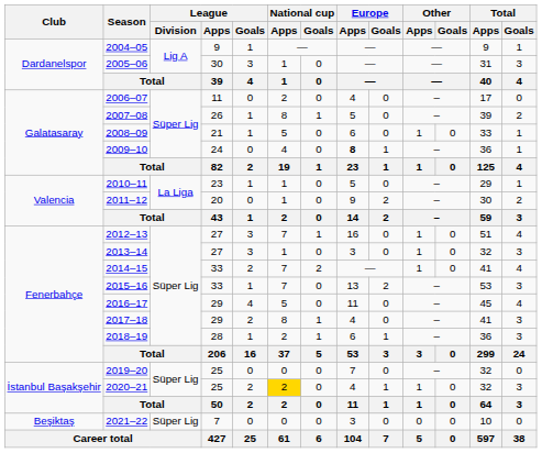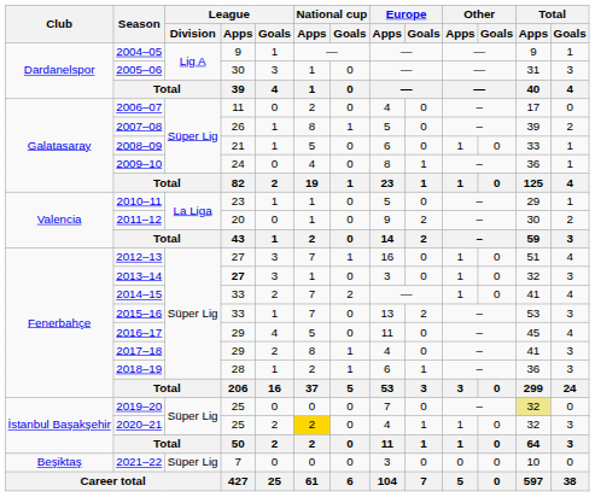 <table class="wikitable" style="text-align: center;">
 <tr>
 <th rowspan="2">Club</th>
 <th rowspan="2">Season</th>
 <th colspan="3">League</th>
 <th colspan="2">National cup</th>
 <th colspan="2"><a href='#'>Europe</a></th>
 <th colspan="2">Other</th>
 <th colspan="3">Total</th>
 </tr>
 <tr>
 <th>Division</th>
 <th>Apps</th>
 <th>Goals</th>
 <th>Apps</th>
 <th>Goals</th>
 <th>Apps</th>
 <th>Goals</th>
 <th>Apps</th>
 <th>Goals</th>
 <th>Apps</th>
 <th>Goals</th>
 </tr>
 <tr>
 <td rowspan="3"><a href='#'>Dardanelspor</a></td>
 <td><a href='#'>2004–05</a></td>
 <td rowspan="2"><a href='#'>Lig A</a></td>
 <td>9</td>
 <td>1</td>
 <td colspan="2">—</td>
 <td colspan="2">—</td>
 <td colspan="2">—</td>
 <td>9</td>
 <td>1</td>
 </tr>
 <tr>
 <td><a href='#'>2005–06</a></td>
 <td>30</td>
 <td>3</td>
 <td>1</td>
 <td>0</td>
 <td colspan="2">—</td>
 <td colspan="2">—</td>
 <td>31</td>
 <td>3</td>
 </tr>
 <tr>
 <th colspan="2">Total</th>
 <th>39</th>
 <th>4</th>
 <th>1</th>
 <th>0</th>
 <th colspan="2">—</th>
 <th colspan="2">—</th>
 <th>40</th>
 <th>4</th>
 </tr>
 <tr>
 <td rowspan="5"><a href='#'>Galatasaray</a></td>
 <td><a href='#'>2006–07</a></td>
 <td rowspan="4"><a href='#'>Süper Lig</a></td>
 <td>11</td>
 <td>0</td>
 <td>2</td>
 <td>0</td>
 <td>4</td>
 <td>0</td>
 <td colspan="2">–</td>
 <td>17</td>
 <td>0</td>
 </tr>
 <tr>
 <td><a href='#'>2007–08</a></td>
 <td>26</td>
 <td>1</td>
 <td>8</td>
 <td>1</td>
 <td>5</td>
 <td>0</td>
 <td colspan="2">–</td>
 <td>39</td>
 <td>2</td>
 </tr>
 <tr>
 <td><a href='#'>2008–09</a></td>
 <td>21</td>
 <td>1</td>
 <td>5</td>
 <td>0</td>
 <td>6</td>
 <td>0</td>
 <td>1</td>
 <td>0</td>
 <td>33</td>
 <td>1</td>
 </tr>
 <tr>
 <td><a href='#'>2009–10</a></td>
 <td>24</td>
 <td>0</td>
 <td>4</td>
 <td>0</td>
-<td><strong>8</strong></td>
+<td>8</td>
 <td>1</td>
 <td colspan="2">–</td>
 <td>36</td>
 <td>1</td>
 </tr>
 <tr>
 <th colspan="2">Total</th>
 <th>82</th>
 <th>2</th>
 <th>19</th>
 <th>1</th>
 <th>23</th>
 <th>1</th>
 <th>1</th>
 <th>0</th>
 <th>125</th>
 <th>4</th>
 </tr>
 <tr>
 <td rowspan="3"><a href='#'>Valencia</a></td>
 <td><a href='#'>2010–11</a></td>
 <td rowspan="2"><a href='#'>La Liga</a></td>
 <td>23</td>
 <td>1</td>
 <td>1</td>
 <td>0</td>
 <td>5</td>
 <td>0</td>
 <td colspan="2">–</td>
 <td>29</td>
 <td>1</td>
 </tr>
 <tr>
 <td><a href='#'>2011–12</a></td>
 <td>20</td>
 <td>0</td>
 <td>1</td>
 <td>0</td>
 <td>9</td>
 <td>2</td>
 <td colspan="2">–</td>
 <td>30</td>
 <td>2</td>
 </tr>
 <tr>
 <th colspan="2">Total</th>
 <th>43</th>
 <th>1</th>
 <th>2</th>
 <th>0</th>
 <th>14</th>
 <th>2</th>
 <th colspan="2">–</th>
 <th>59</th>
 <th>3</th>
 </tr>
 <tr>
 <td rowspan="8"><a href='#'>Fenerbahçe</a></td>
 <td><a href='#'>2012–13</a></td>
 <td rowspan="7">Süper Lig</td>
 <td>27</td>
 <td>3</td>
 <td>7</td>
 <td>1</td>
 <td>16</td>
 <td>0</td>
 <td>1</td>
 <td>0</td>
 <td>51</td>
 <td>4</td>
 </tr>
 <tr>
 <td><a href='#'>2013–14</a></td>
-<td>27</td>
+<td><strong>27</strong></td>
 <td>3</td>
 <td>1</td>
 <td>0</td>
 <td>3</td>
 <td>0</td>
 <td>1</td>
 <td>0</td>
 <td>32</td>
 <td>3</td>
 </tr>
 <tr>
 <td><a href='#'>2014–15</a></td>
 <td>33</td>
 <td>2</td>
 <td>7</td>
 <td>2</td>
 <td colspan="2">—</td>
 <td>1</td>
 <td>0</td>
 <td>41</td>
 <td>4</td>
 </tr>
 <tr>
 <td><a href='#'>2015–16</a></td>
 <td>33</td>
 <td>1</td>
 <td>7</td>
 <td>0</td>
 <td>13</td>
 <td>2</td>
 <td colspan="2">–</td>
 <td>53</td>
 <td>3</td>
 </tr>
 <tr>
 <td><a href='#'>2016–17</a></td>
 <td>29</td>
 <td>4</td>
 <td>5</td>
 <td>0</td>
 <td>11</td>
 <td>0</td>
 <td colspan="2">–</td>
 <td>45</td>
 <td>4</td>
 </tr>
 <tr>
 <td><a href='#'>2017–18</a></td>
 <td>29</td>
 <td>2</td>
 <td>8</td>
 <td>1</td>
 <td>4</td>
 <td>0</td>
 <td colspan="2">–</td>
 <td>41</td>
 <td>3</td>
 </tr>
 <tr>
 <td><a href='#'>2018–19</a></td>
 <td>28</td>
 <td>1</td>
 <td>2</td>
 <td>1</td>
 <td>6</td>
 <td>1</td>
 <td colspan="2">–</td>
 <td>36</td>
 <td>3</td>
 </tr>
 <tr>
 <th colspan="2">Total</th>
 <th>206</th>
 <th>16</th>
 <th>37</th>
 <th>5</th>
 <th>53</th>
 <th>3</th>
 <th>3</th>
 <th>0</th>
 <th>299</th>
 <th>24</th>
 </tr>
 <tr>
 <td rowspan="3"><a href='#'>İstanbul Başakşehir</a></td>
 <td><a href='#'>2019–20</a></td>
 <td rowspan="2">Süper Lig</td>
 <td>25</td>
 <td>0</td>
 <td>0</td>
 <td>0</td>
 <td>7</td>
 <td>0</td>
 <td colspan="2">–</td>
-<td>32</td>
+<td style="background: khaki;">32</td>
 <td>0</td>
 </tr>
 <tr>
 <td><a href='#'>2020–21</a></td>
 <td>25</td>
 <td>2</td>
 <td style="background: gold;">2</td>
 <td>0</td>
 <td>4</td>
 <td>1</td>
 <td>1</td>
 <td>0</td>
 <td>32</td>
 <td>3</td>
 </tr>
 <tr>
 <th colspan="2">Total</th>
 <th>50</th>
 <th>2</th>
 <th>2</th>
 <th>0</th>
 <th>11</th>
 <th>1</th>
 <th>1</th>
 <th>0</th>
 <th>64</th>
 <th>3</th>
 </tr>
 <tr>
 <td><a href='#'>Beşiktaş</a></td>
 <td><a href='#'>2021–22</a></td>
 <td>Süper Lig</td>
 <td>7</td>
 <td>0</td>
 <td>0</td>
 <td>0</td>
 <td>3</td>
 <td>0</td>
 <td>0</td>
 <td>0</td>
 <td>10</td>
 <td>0</td>
 </tr>
 <tr>
 <th colspan="3">Career total</th>
 <th>427</th>
 <th>25</th>
 <th>61</th>
 <th>6</th>
 <th>104</th>
 <th>7</th>
 <th>5</th>
 <th>0</th>
 <th>597</th>
 <th>38</th>
 </tr>
 </table>
